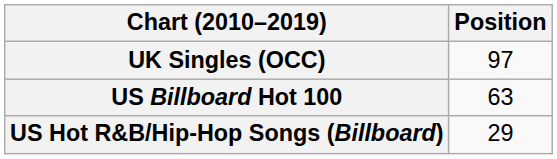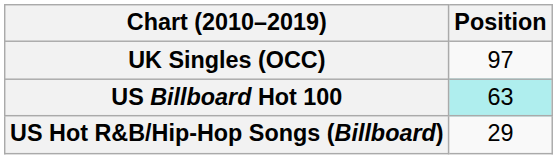 <table class="wikitable sortable plainrowheaders" style="text-align:center">
 <tr>
 <th scope="col">Chart (2010–2019)</th>
 <th scope="col">Position</th>
 </tr>
 <tr>
 <th scope="row">UK Singles (OCC)</th>
 <td>97</td>
 </tr>
 <tr>
 <th scope="row">US <em>Billboard</em> Hot 100</th>
-<td>63</td>
+<td style="background: paleturquoise;">63</td>
 </tr>
 <tr>
 <th scope="row">US Hot R&B/Hip-Hop Songs (<em>Billboard</em>)</th>
 <td>29</td>
 </tr>
 </table>
